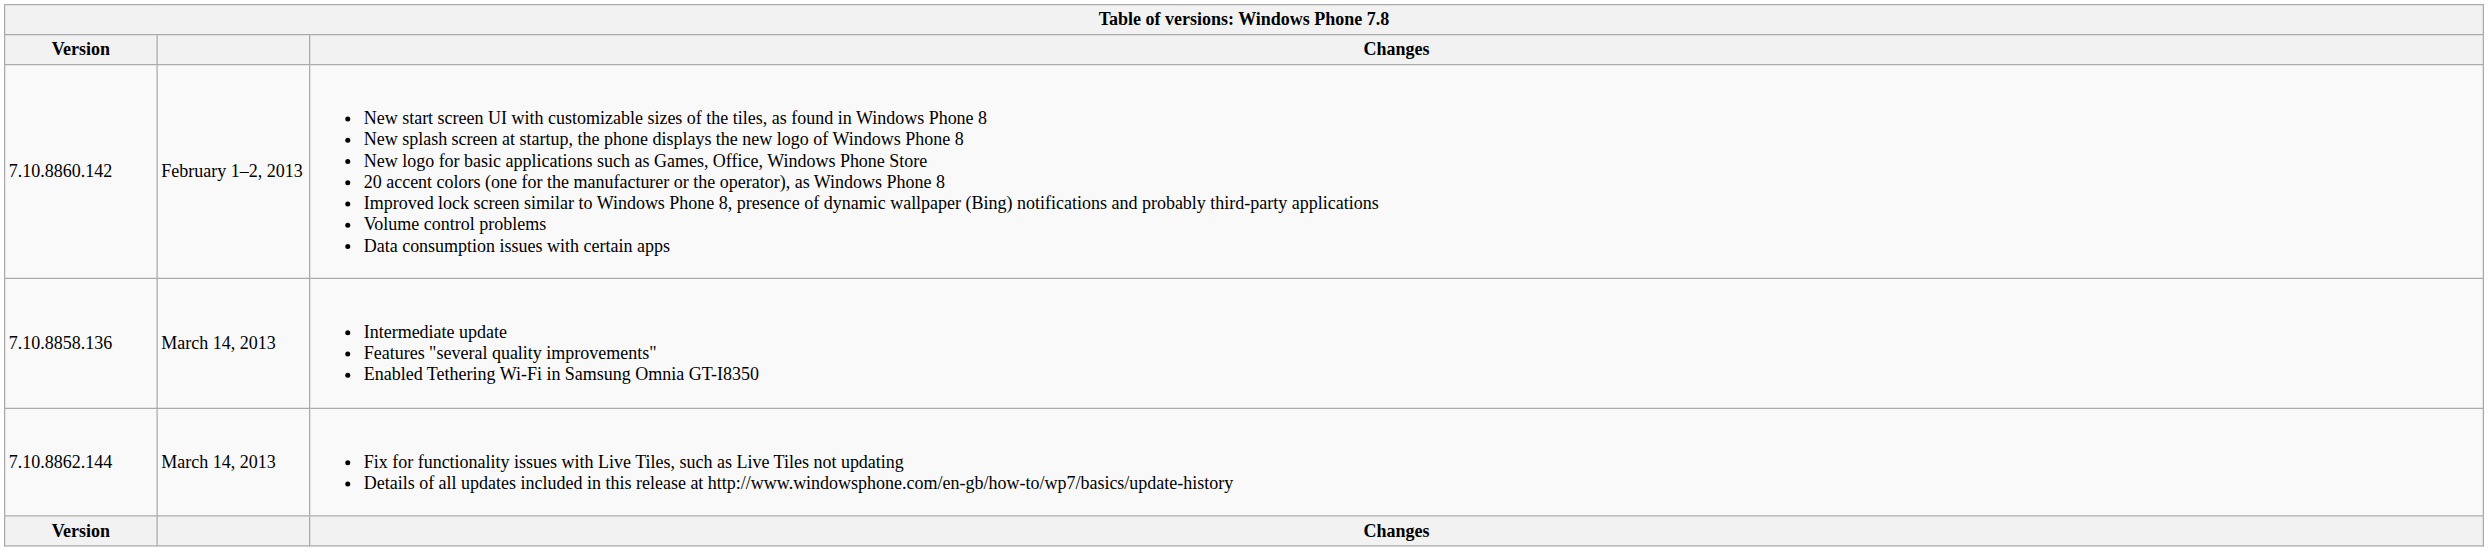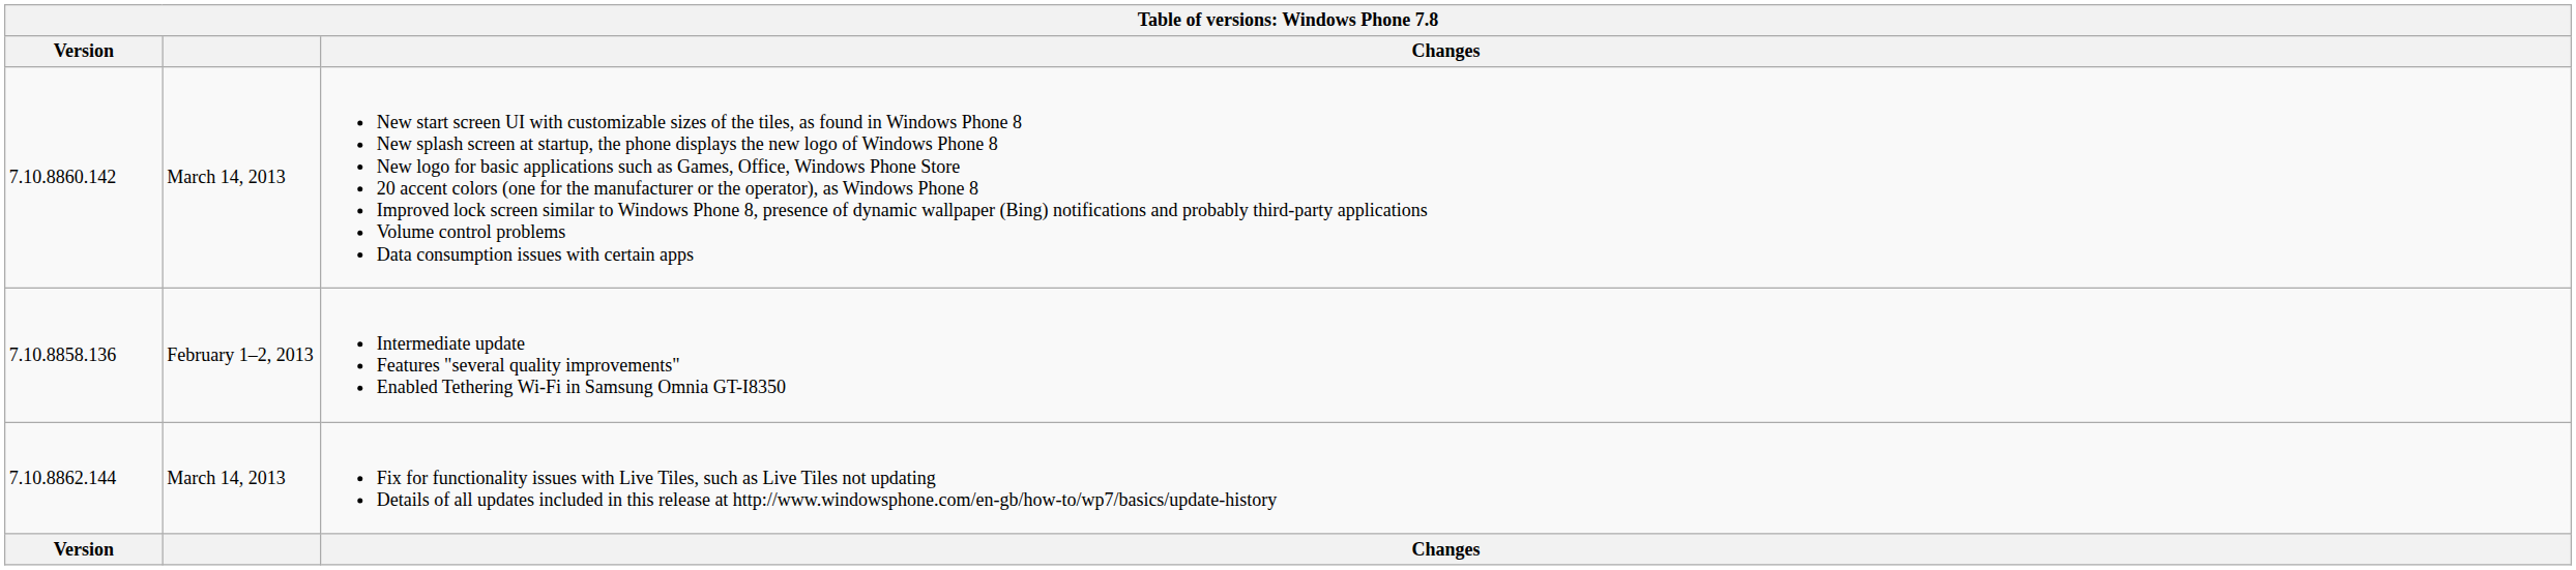 <table class="wikitable collapsible collapsed"  style="width:100%; font-size:90%;">
 <tr>
 <th colspan="3">Table of versions: Windows Phone 7.8</th>
 </tr>
 <tr>
 <th style="width:8em;">Version</th>
 <th style="width:8em;"></th>
 <th>Changes</th>
 </tr>
 <tr>
 <td style="white-space:nowrap;">7.10.8860.142</td>
-<td>February 1–2, 2013</td>
+<td>March 14, 2013</td>
 <td><br><ul><li>New start screen UI with customizable sizes of the tiles, as found in Windows Phone 8</li><li>New splash screen at startup, the phone displays the new logo of Windows Phone 8</li><li>New logo for basic applications such as Games, Office, Windows Phone Store</li><li>20 accent colors (one for the manufacturer or the operator), as Windows Phone 8</li><li>Improved lock screen similar to Windows Phone 8, presence of dynamic wallpaper (Bing) notifications and probably third-party applications</li><li>Volume control problems</li><li>Data consumption issues with certain apps</li></ul></td>
 </tr>
 <tr>
 <td style="white-space:nowrap;">7.10.8858.136</td>
-<td>March 14, 2013</td>
+<td>February 1–2, 2013</td>
 <td><br><ul><li>Intermediate update</li><li>Features "several quality improvements"</li><li>Enabled Tethering Wi-Fi in Samsung Omnia GT-I8350</li></ul></td>
 </tr>
 <tr>
 <td style="white-space:nowrap;">7.10.8862.144</td>
 <td>March 14, 2013</td>
 <td><br><ul><li>Fix for functionality issues with Live Tiles, such as Live Tiles not updating</li><li>Details of all updates included in this release at http://www.windowsphone.com/en-gb/how-to/wp7/basics/update-history</li></ul></td>
 </tr>
 <tr class="sortbottom">
 <th style="width:8em;">Version</th>
 <th style="width:8em;"></th>
 <th>Changes</th>
 </tr>
 </table>
